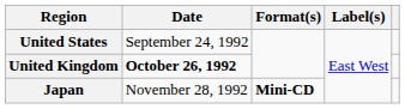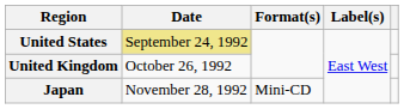 <table class="wikitable plainrowheaders">
 <tr>
 <th scope="col">Region</th>
 <th scope="col">Date</th>
 <th scope="col">Format(s)</th>
 <th scope="col">Label(s)</th>
 <th scope="col"></th>
 </tr>
 <tr>
 <th scope="row">United States</th>
-<td>September 24, 1992</td>
+<td style="background: khaki;">September 24, 1992</td>
 <td rowspan="2"></td>
 <td rowspan="3"><a href='#'>East West</a></td>
 <td></td>
 </tr>
 <tr>
 <th scope="row">United Kingdom</th>
-<td><strong>October 26, 1992</strong></td>
+<td>October 26, 1992</td>
 <td></td>
 </tr>
 <tr>
 <th scope="row">Japan</th>
 <td>November 28, 1992</td>
-<td><strong>Mini-CD</strong></td>
+<td>Mini-CD</td>
 <td></td>
 </tr>
 </table>
